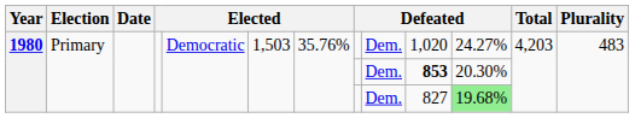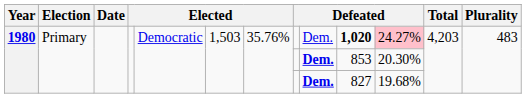 <table class=wikitable>
 <tr>
 <th>Year</th>
 <th>Election</th>
 <th>Date</th>
 <th ! colspan="4">Elected</th>
 <th ! colspan="4">Defeated</th>
 <th>Total</th>
 <th>Plurality</th>
 </tr>
 <tr>
 <th rowspan="3" valign="top"><a href='#'>1980</a></th>
 <td rowspan="3" valign="top">Primary</td>
 <td rowspan="3" valign="top"></td>
 <td rowspan="3" valign="top"></td>
 <td rowspan="3" valign="top" ><a href='#'>Democratic</a></td>
 <td rowspan="3" valign="top" align="right">1,503</td>
 <td rowspan="3" valign="top" align="right">35.76%</td>
 <td valign="top"></td>
 <td valign="top" ><a href='#'>Dem.</a></td>
-<td valign="top" align="right">1,020</td>
-<td valign="top" align="right">24.27%</td>
+<td valign="top" align="right"><strong>1,020</strong></td>
+<td valign="top" align="right" style="background: pink;">24.27%</td>
 <td rowspan="3" valign="top" align="right">4,203</td>
 <td rowspan="3" valign="top" align="right">483</td>
 </tr>
 <tr>
 <td valign="top"></td>
-<td valign="top" ><a href='#'>Dem.</a></td>
-<td valign="top" align="right"><strong>853</strong></td>
+<td valign="top" ><strong><a href='#'>Dem.</a></strong></td>
+<td valign="top" align="right">853</td>
 <td valign="top" align="right">20.30%</td>
 </tr>
 <tr>
 <td valign="top"></td>
-<td valign="top" ><a href='#'>Dem.</a></td>
+<td valign="top" ><strong><a href='#'>Dem.</a></strong></td>
 <td valign="top" align="right">827</td>
-<td valign="top" align="right" style="background: lightgreen;">19.68%</td>
+<td valign="top" align="right">19.68%</td>
 </tr>
 </table>
